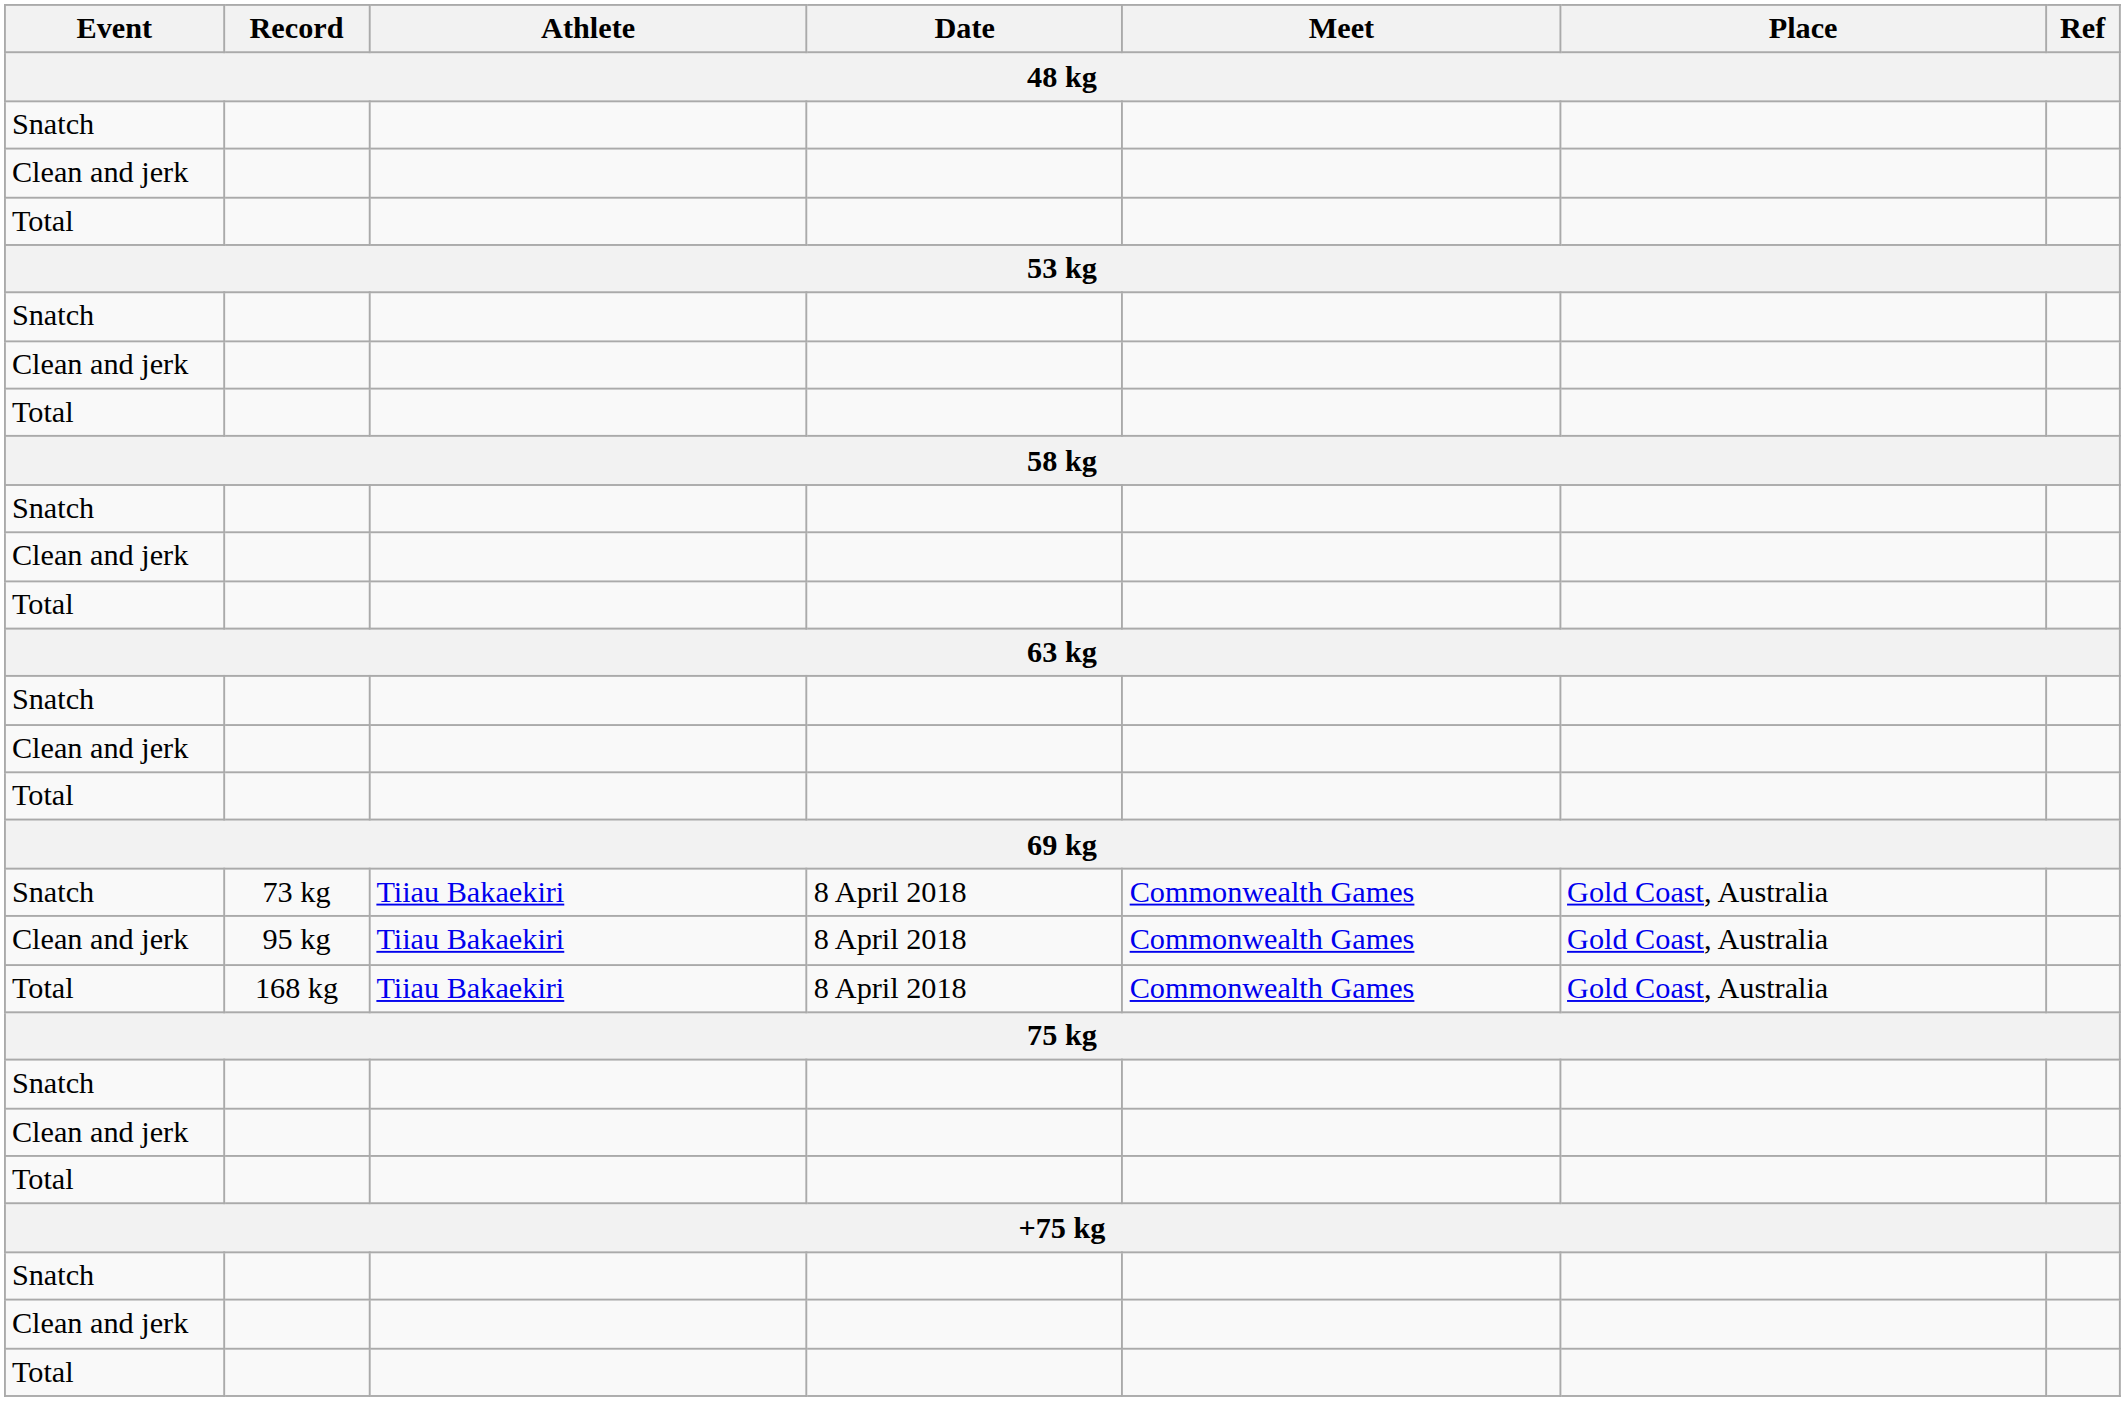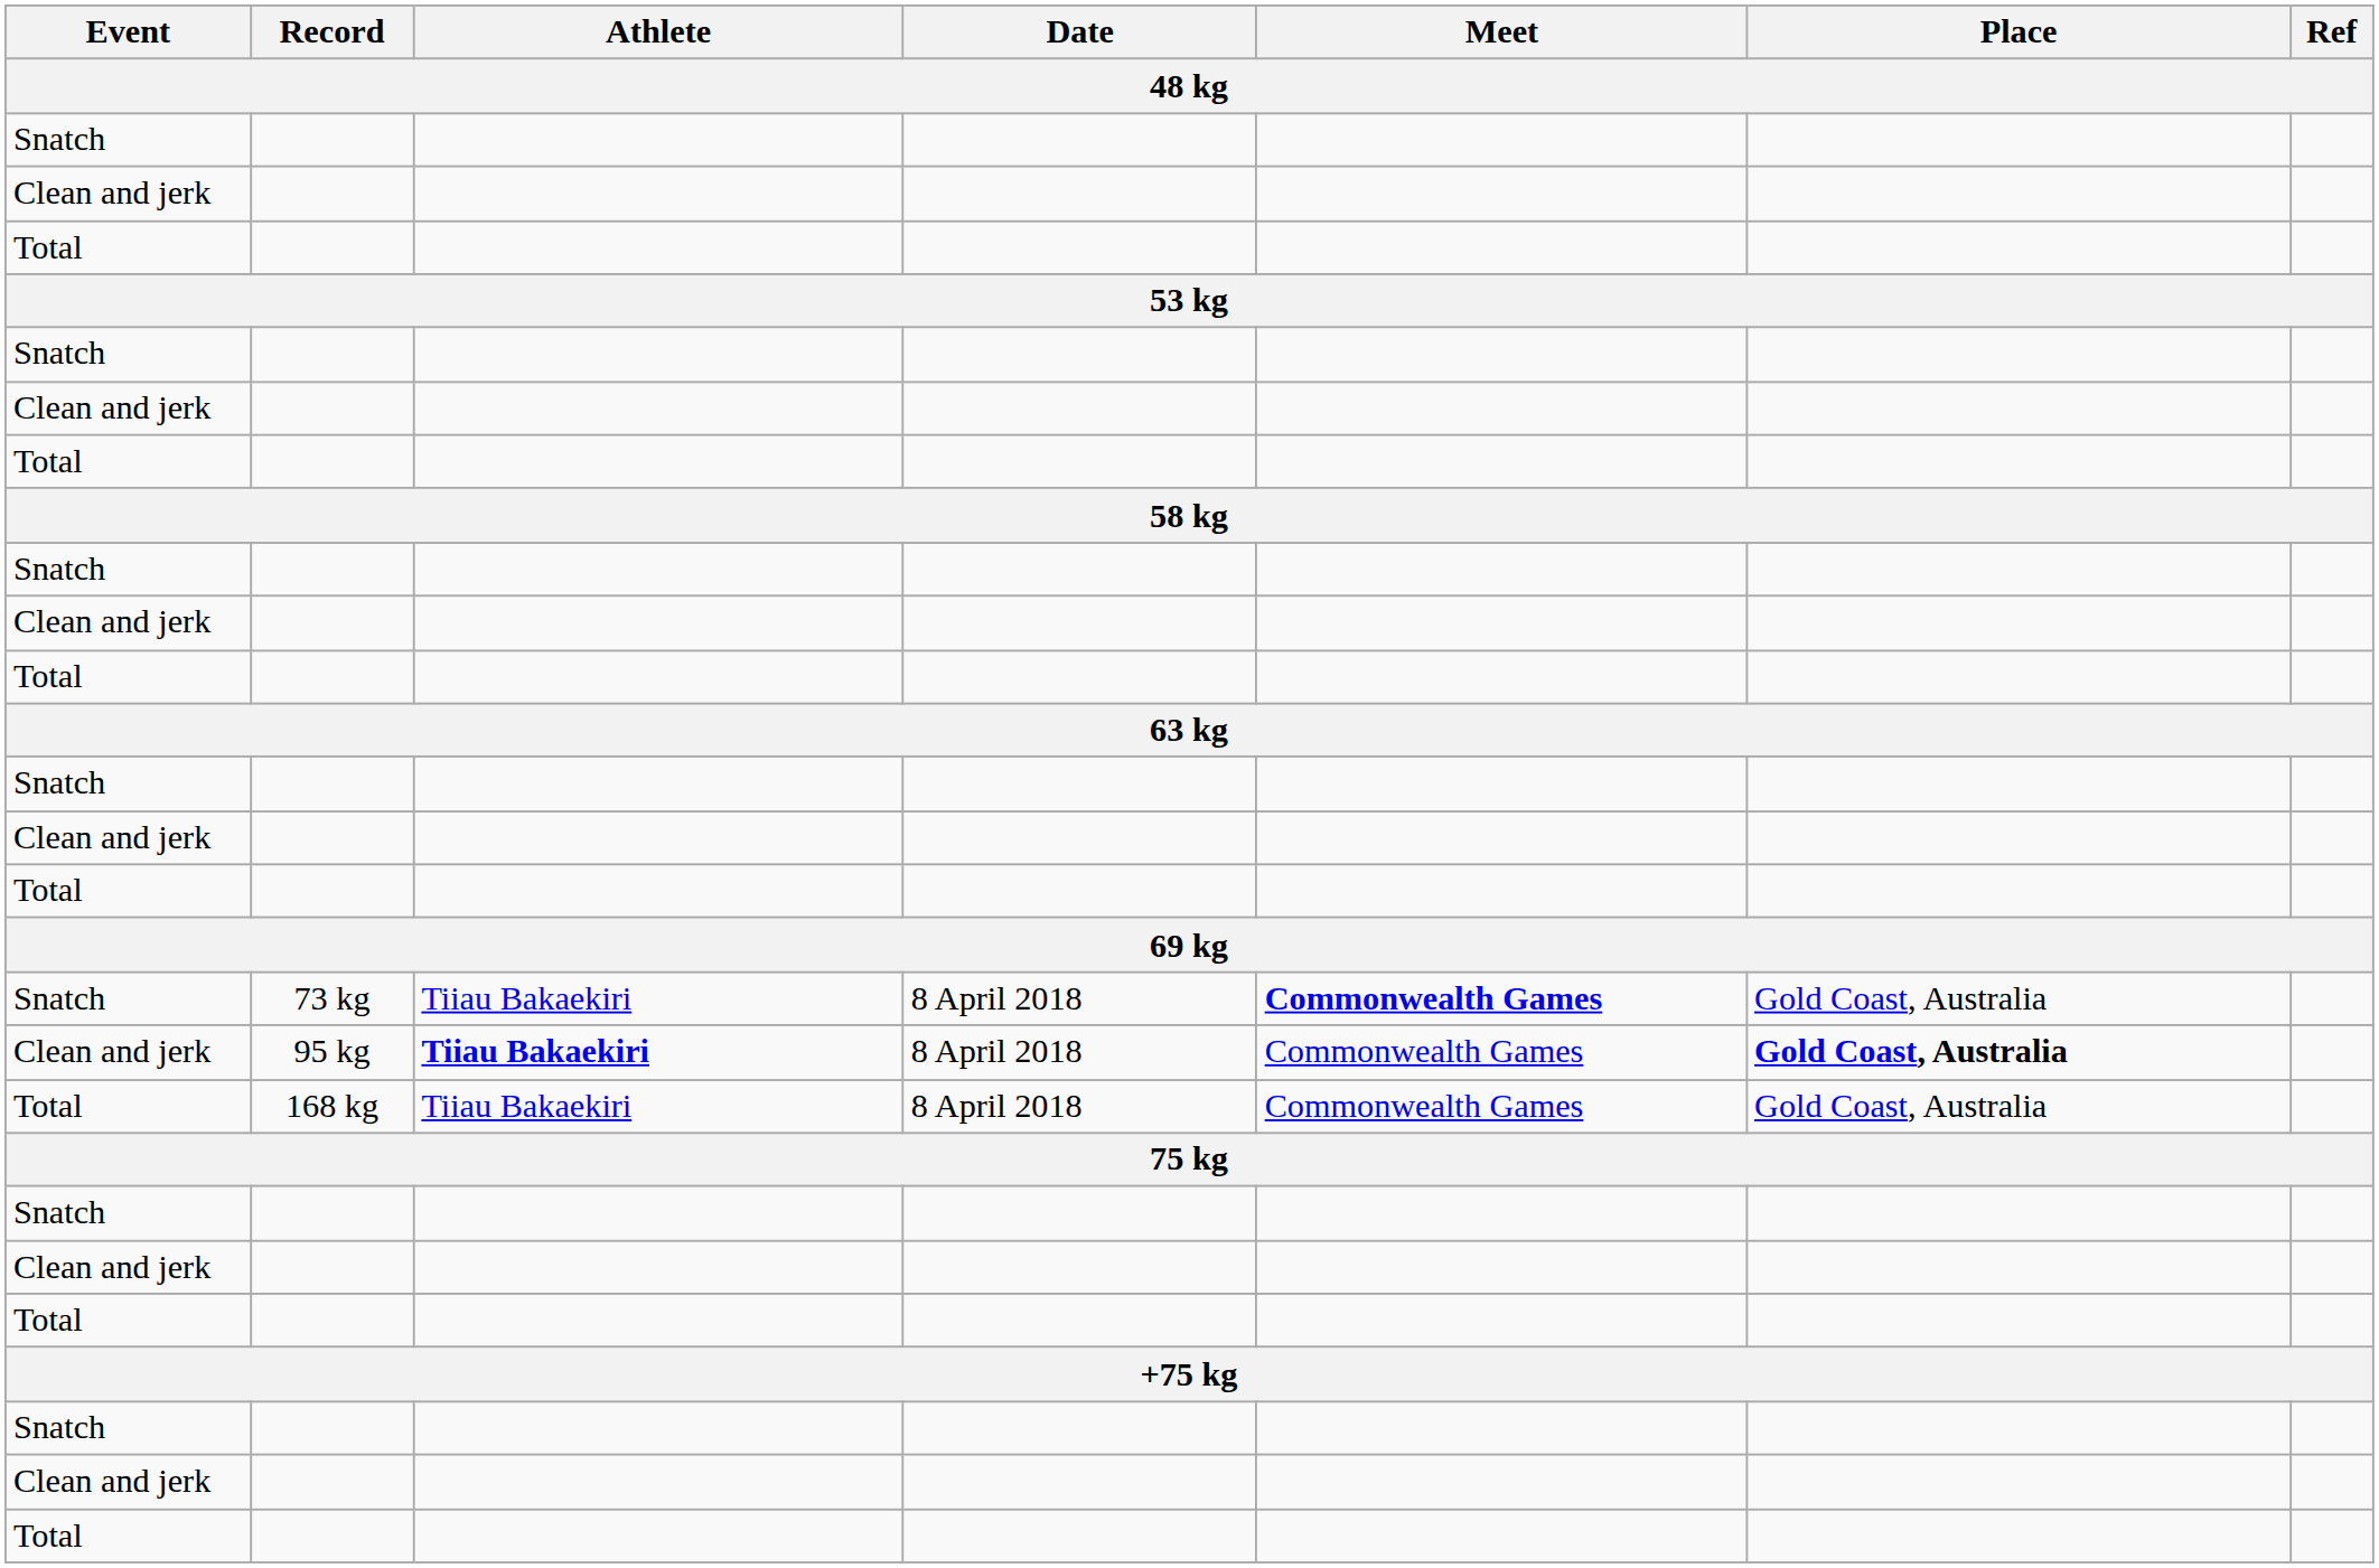 <table class="wikitable">
 <tr>
 <th width=9%>Event</th>
 <th width=6%>Record</th>
 <th width=18%>Athlete</th>
 <th width=13%>Date</th>
 <th width=18%>Meet</th>
 <th width=20%>Place</th>
 <th width=3%>Ref</th>
 </tr>
 <tr bgcolor="#DDDDDD">
 <th colspan="8">48 kg</th>
 </tr>
 <tr>
 <td>Snatch</td>
 <td align="center"></td>
 <td></td>
 <td></td>
 <td></td>
 <td></td>
 <td></td>
 </tr>
 <tr>
 <td>Clean and jerk</td>
 <td align="center"></td>
 <td></td>
 <td></td>
 <td></td>
 <td></td>
 <td></td>
 </tr>
 <tr>
 <td>Total</td>
 <td align="center"></td>
 <td></td>
 <td></td>
 <td></td>
 <td></td>
 <td></td>
 </tr>
 <tr bgcolor="#DDDDDD">
 <th colspan="8">53 kg</th>
 </tr>
 <tr>
 <td>Snatch</td>
 <td></td>
 <td></td>
 <td></td>
 <td></td>
 <td></td>
 <td></td>
 </tr>
 <tr>
 <td>Clean and jerk</td>
 <td align="center"></td>
 <td></td>
 <td></td>
 <td></td>
 <td></td>
 <td></td>
 </tr>
 <tr>
 <td>Total</td>
 <td></td>
 <td></td>
 <td></td>
 <td></td>
 <td></td>
 <td></td>
 </tr>
 <tr bgcolor="#DDDDDD">
 <th colspan="8">58 kg</th>
 </tr>
 <tr>
 <td>Snatch</td>
 <td align="center"></td>
 <td></td>
 <td></td>
 <td></td>
 <td></td>
 <td></td>
 </tr>
 <tr>
 <td>Clean and jerk</td>
 <td align="center"></td>
 <td></td>
 <td></td>
 <td></td>
 <td></td>
 <td></td>
 </tr>
 <tr>
 <td>Total</td>
 <td align="center"></td>
 <td></td>
 <td></td>
 <td></td>
 <td></td>
 <td></td>
 </tr>
 <tr bgcolor="#DDDDDD">
 <th colspan="8">63 kg</th>
 </tr>
 <tr>
 <td>Snatch</td>
 <td></td>
 <td></td>
 <td></td>
 <td></td>
 <td></td>
 <td></td>
 </tr>
 <tr>
 <td>Clean and jerk</td>
 <td></td>
 <td></td>
 <td></td>
 <td></td>
 <td></td>
 <td></td>
 </tr>
 <tr>
 <td>Total</td>
 <td></td>
 <td></td>
 <td></td>
 <td></td>
 <td></td>
 <td></td>
 </tr>
 <tr bgcolor="#DDDDDD">
 <th colspan="8">69 kg</th>
 </tr>
 <tr>
 <td>Snatch</td>
 <td align="center">73 kg</td>
 <td><a href='#'>Tiiau Bakaekiri</a></td>
 <td>8 April 2018</td>
-<td><a href='#'>Commonwealth Games</a></td>
+<td><strong><a href='#'>Commonwealth Games</a></strong></td>
 <td> <a href='#'>Gold Coast</a>, Australia</td>
 <td></td>
 </tr>
 <tr>
 <td>Clean and jerk</td>
 <td align="center">95 kg</td>
-<td><a href='#'>Tiiau Bakaekiri</a></td>
+<td><strong><a href='#'>Tiiau Bakaekiri</a></strong></td>
 <td>8 April 2018</td>
 <td><a href='#'>Commonwealth Games</a></td>
-<td> <a href='#'>Gold Coast</a>, Australia</td>
+<td><strong> <a href='#'>Gold Coast</a>, Australia</strong></td>
 <td></td>
 </tr>
 <tr>
 <td>Total</td>
 <td align="center">168 kg</td>
 <td><a href='#'>Tiiau Bakaekiri</a></td>
 <td>8 April 2018</td>
 <td><a href='#'>Commonwealth Games</a></td>
 <td> <a href='#'>Gold Coast</a>, Australia</td>
 <td></td>
 </tr>
 <tr bgcolor="#DDDDDD">
 <th colspan="8">75 kg</th>
 </tr>
 <tr>
 <td>Snatch</td>
 <td></td>
 <td></td>
 <td></td>
 <td></td>
 <td></td>
 <td></td>
 </tr>
 <tr>
 <td>Clean and jerk</td>
 <td></td>
 <td></td>
 <td></td>
 <td></td>
 <td></td>
 <td></td>
 </tr>
 <tr>
 <td>Total</td>
 <td></td>
 <td></td>
 <td></td>
 <td></td>
 <td></td>
 <td></td>
 </tr>
 <tr bgcolor="#DDDDDD">
 <th colspan="8">+75 kg</th>
 </tr>
 <tr>
 <td>Snatch</td>
 <td align="center"></td>
 <td></td>
 <td></td>
 <td></td>
 <td></td>
 <td></td>
 </tr>
 <tr>
 <td>Clean and jerk</td>
 <td align="center"></td>
 <td></td>
 <td></td>
 <td></td>
 <td></td>
 <td></td>
 </tr>
 <tr>
 <td>Total</td>
 <td align="center"></td>
 <td></td>
 <td></td>
 <td></td>
 <td></td>
 <td></td>
 </tr>
 </table>
